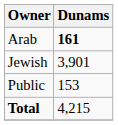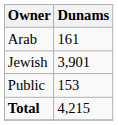 <table class="wikitable">
 <tr>
 <th>Owner</th>
 <th>Dunams</th>
 </tr>
 <tr>
 <td>Arab</td>
-<td><strong>161</strong></td>
+<td>161</td>
 </tr>
 <tr>
 <td>Jewish</td>
 <td>3,901</td>
 </tr>
 <tr>
 <td>Public</td>
 <td>153</td>
 </tr>
 <tr>
 <td><strong>Total</strong></td>
 <td>4,215</td>
 </tr>
 <tr>
 </tr>
 </table>
